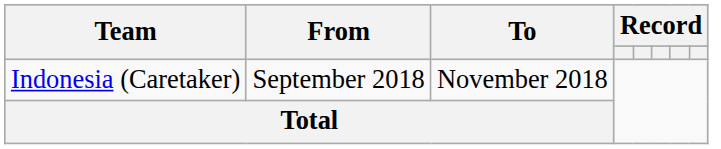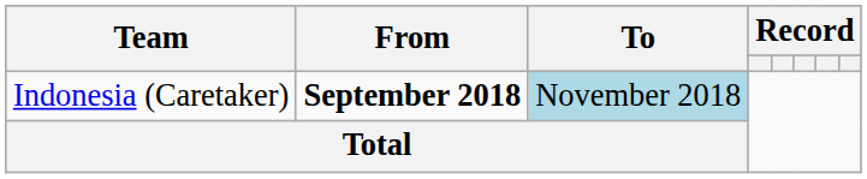 <table class=wikitable style="text-align: center">
 <tr>
 <th rowspan=2>Team</th>
 <th rowspan=2>From</th>
 <th rowspan=2>To</th>
 <th colspan=5>Record</th>
 </tr>
 <tr>
 <th></th>
 <th></th>
 <th></th>
 <th></th>
 <th></th>
 </tr>
 <tr>
 <td align=left><a href='#'>Indonesia</a> (Caretaker)</td>
-<td align=left>September 2018</td>
-<td align=left>November 2018<br></td>
+<td align=left><strong>September 2018</strong></td>
+<td align=left style="background: lightblue;">November 2018<br></td>
 </tr>
 <tr>
 <th colspan="3">Total<br></th>
 </tr>
 </table>
